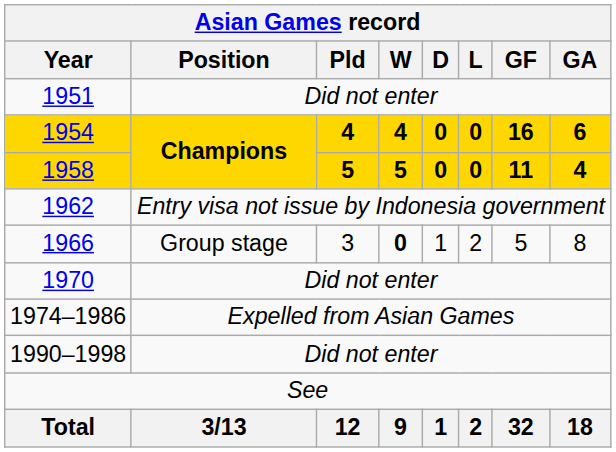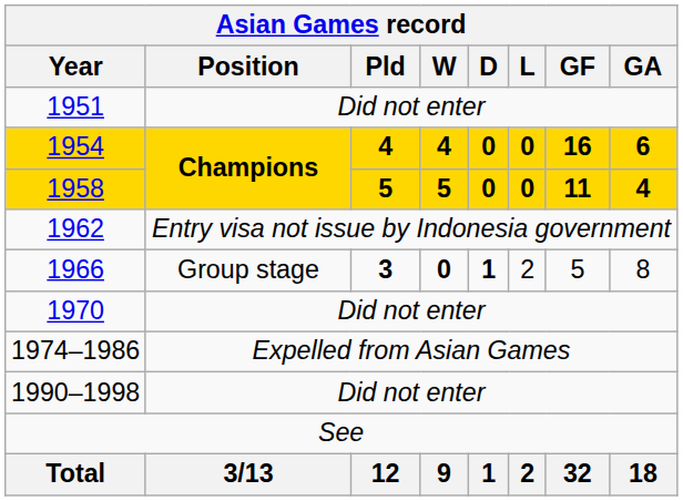 <table class="wikitable" style="text-align: center;">
 <tr>
 <th colspan="8"><a href='#'>Asian Games</a> record</th>
 </tr>
 <tr>
 <th>Year</th>
 <th>Position</th>
 <th>Pld</th>
 <th>W</th>
 <th>D</th>
 <th>L</th>
 <th>GF</th>
 <th>GA</th>
 </tr>
 <tr>
 <td> <a href='#'>1951</a></td>
 <td colspan=7><em>Did not enter</em></td>
 </tr>
 <tr bgcolor=gold>
 <td> <a href='#'>1954</a></td>
 <td rowspan=2><strong>Champions</strong></td>
 <td><strong>4</strong></td>
 <td><strong>4</strong></td>
 <td><strong>0</strong></td>
 <td><strong>0</strong></td>
 <td><strong>16</strong></td>
 <td><strong>6</strong></td>
 </tr>
 <tr bgcolor=gold>
 <td> <a href='#'>1958</a></td>
 <td><strong>5</strong></td>
 <td><strong>5</strong></td>
 <td><strong>0</strong></td>
 <td><strong>0</strong></td>
 <td><strong>11</strong></td>
 <td><strong>4</strong></td>
 </tr>
 <tr>
 <td> <a href='#'>1962</a></td>
 <td colspan=7><em>Entry visa not issue by Indonesia government</em></td>
 </tr>
 <tr>
 <td> <a href='#'>1966</a></td>
 <td>Group stage</td>
-<td>3</td>
+<td><strong>3</strong></td>
 <td><strong>0</strong></td>
-<td>1</td>
+<td><strong>1</strong></td>
 <td>2</td>
 <td>5</td>
 <td>8</td>
 </tr>
 <tr>
 <td> <a href='#'>1970</a></td>
 <td colspan=7><em>Did not enter</em></td>
 </tr>
 <tr>
 <td>1974–1986</td>
 <td colspan=7><em>Expelled from Asian Games</em></td>
 </tr>
 <tr>
 <td>1990–1998</td>
 <td colspan=7><em>Did not enter</em></td>
 </tr>
 <tr>
 <td colspan=8><em>See </em></td>
 </tr>
 <tr>
 <th><strong>Total</strong></th>
 <th>3/13</th>
 <th>12</th>
 <th>9</th>
 <th>1</th>
 <th>2</th>
 <th>32</th>
 <th>18</th>
 </tr>
 </table>
